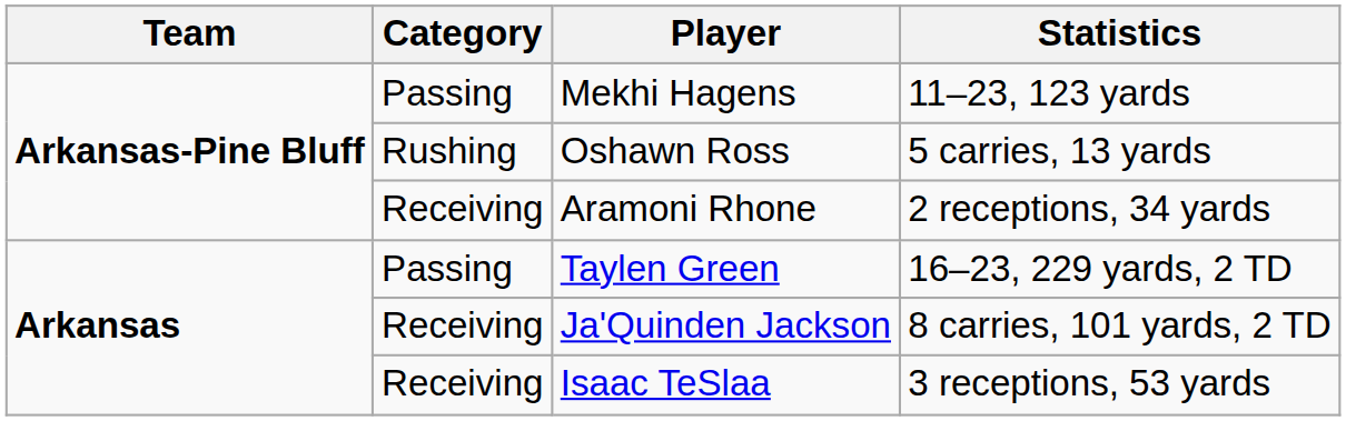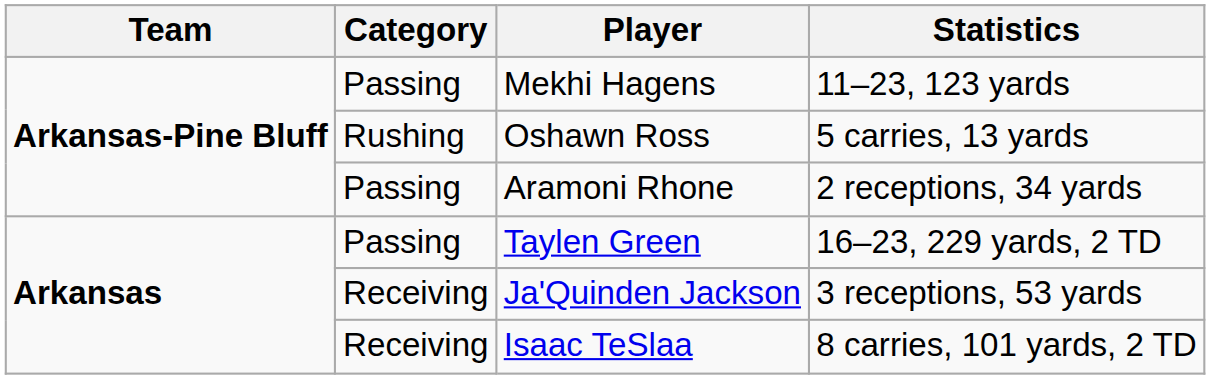 <table class="wikitable" style="float: right;">
 <tr>
 <th>Team</th>
 <th>Category</th>
 <th>Player</th>
 <th>Statistics</th>
 </tr>
 <tr>
 <td rowspan=3><strong>Arkansas-Pine Bluff</strong></td>
 <td>Passing</td>
 <td>Mekhi Hagens</td>
 <td>11–23, 123 yards</td>
 </tr>
 <tr>
 <td>Rushing</td>
 <td>Oshawn Ross</td>
 <td>5 carries, 13 yards</td>
 </tr>
 <tr>
-<td>Receiving</td>
+<td>Passing</td>
 <td>Aramoni Rhone</td>
 <td>2 receptions, 34 yards</td>
 </tr>
 <tr>
 <td rowspan=3><strong>Arkansas</strong></td>
 <td>Passing</td>
 <td><a href='#'>Taylen Green</a></td>
 <td>16–23, 229 yards, 2 TD</td>
 </tr>
 <tr>
 <td>Receiving</td>
 <td><a href='#'>Ja'Quinden Jackson</a></td>
-<td>8 carries, 101 yards, 2 TD</td>
+<td>3 receptions, 53 yards</td>
 </tr>
 <tr>
 <td>Receiving</td>
 <td><a href='#'>Isaac TeSlaa</a></td>
-<td>3 receptions, 53 yards</td>
+<td>8 carries, 101 yards, 2 TD</td>
 </tr>
 </table>
